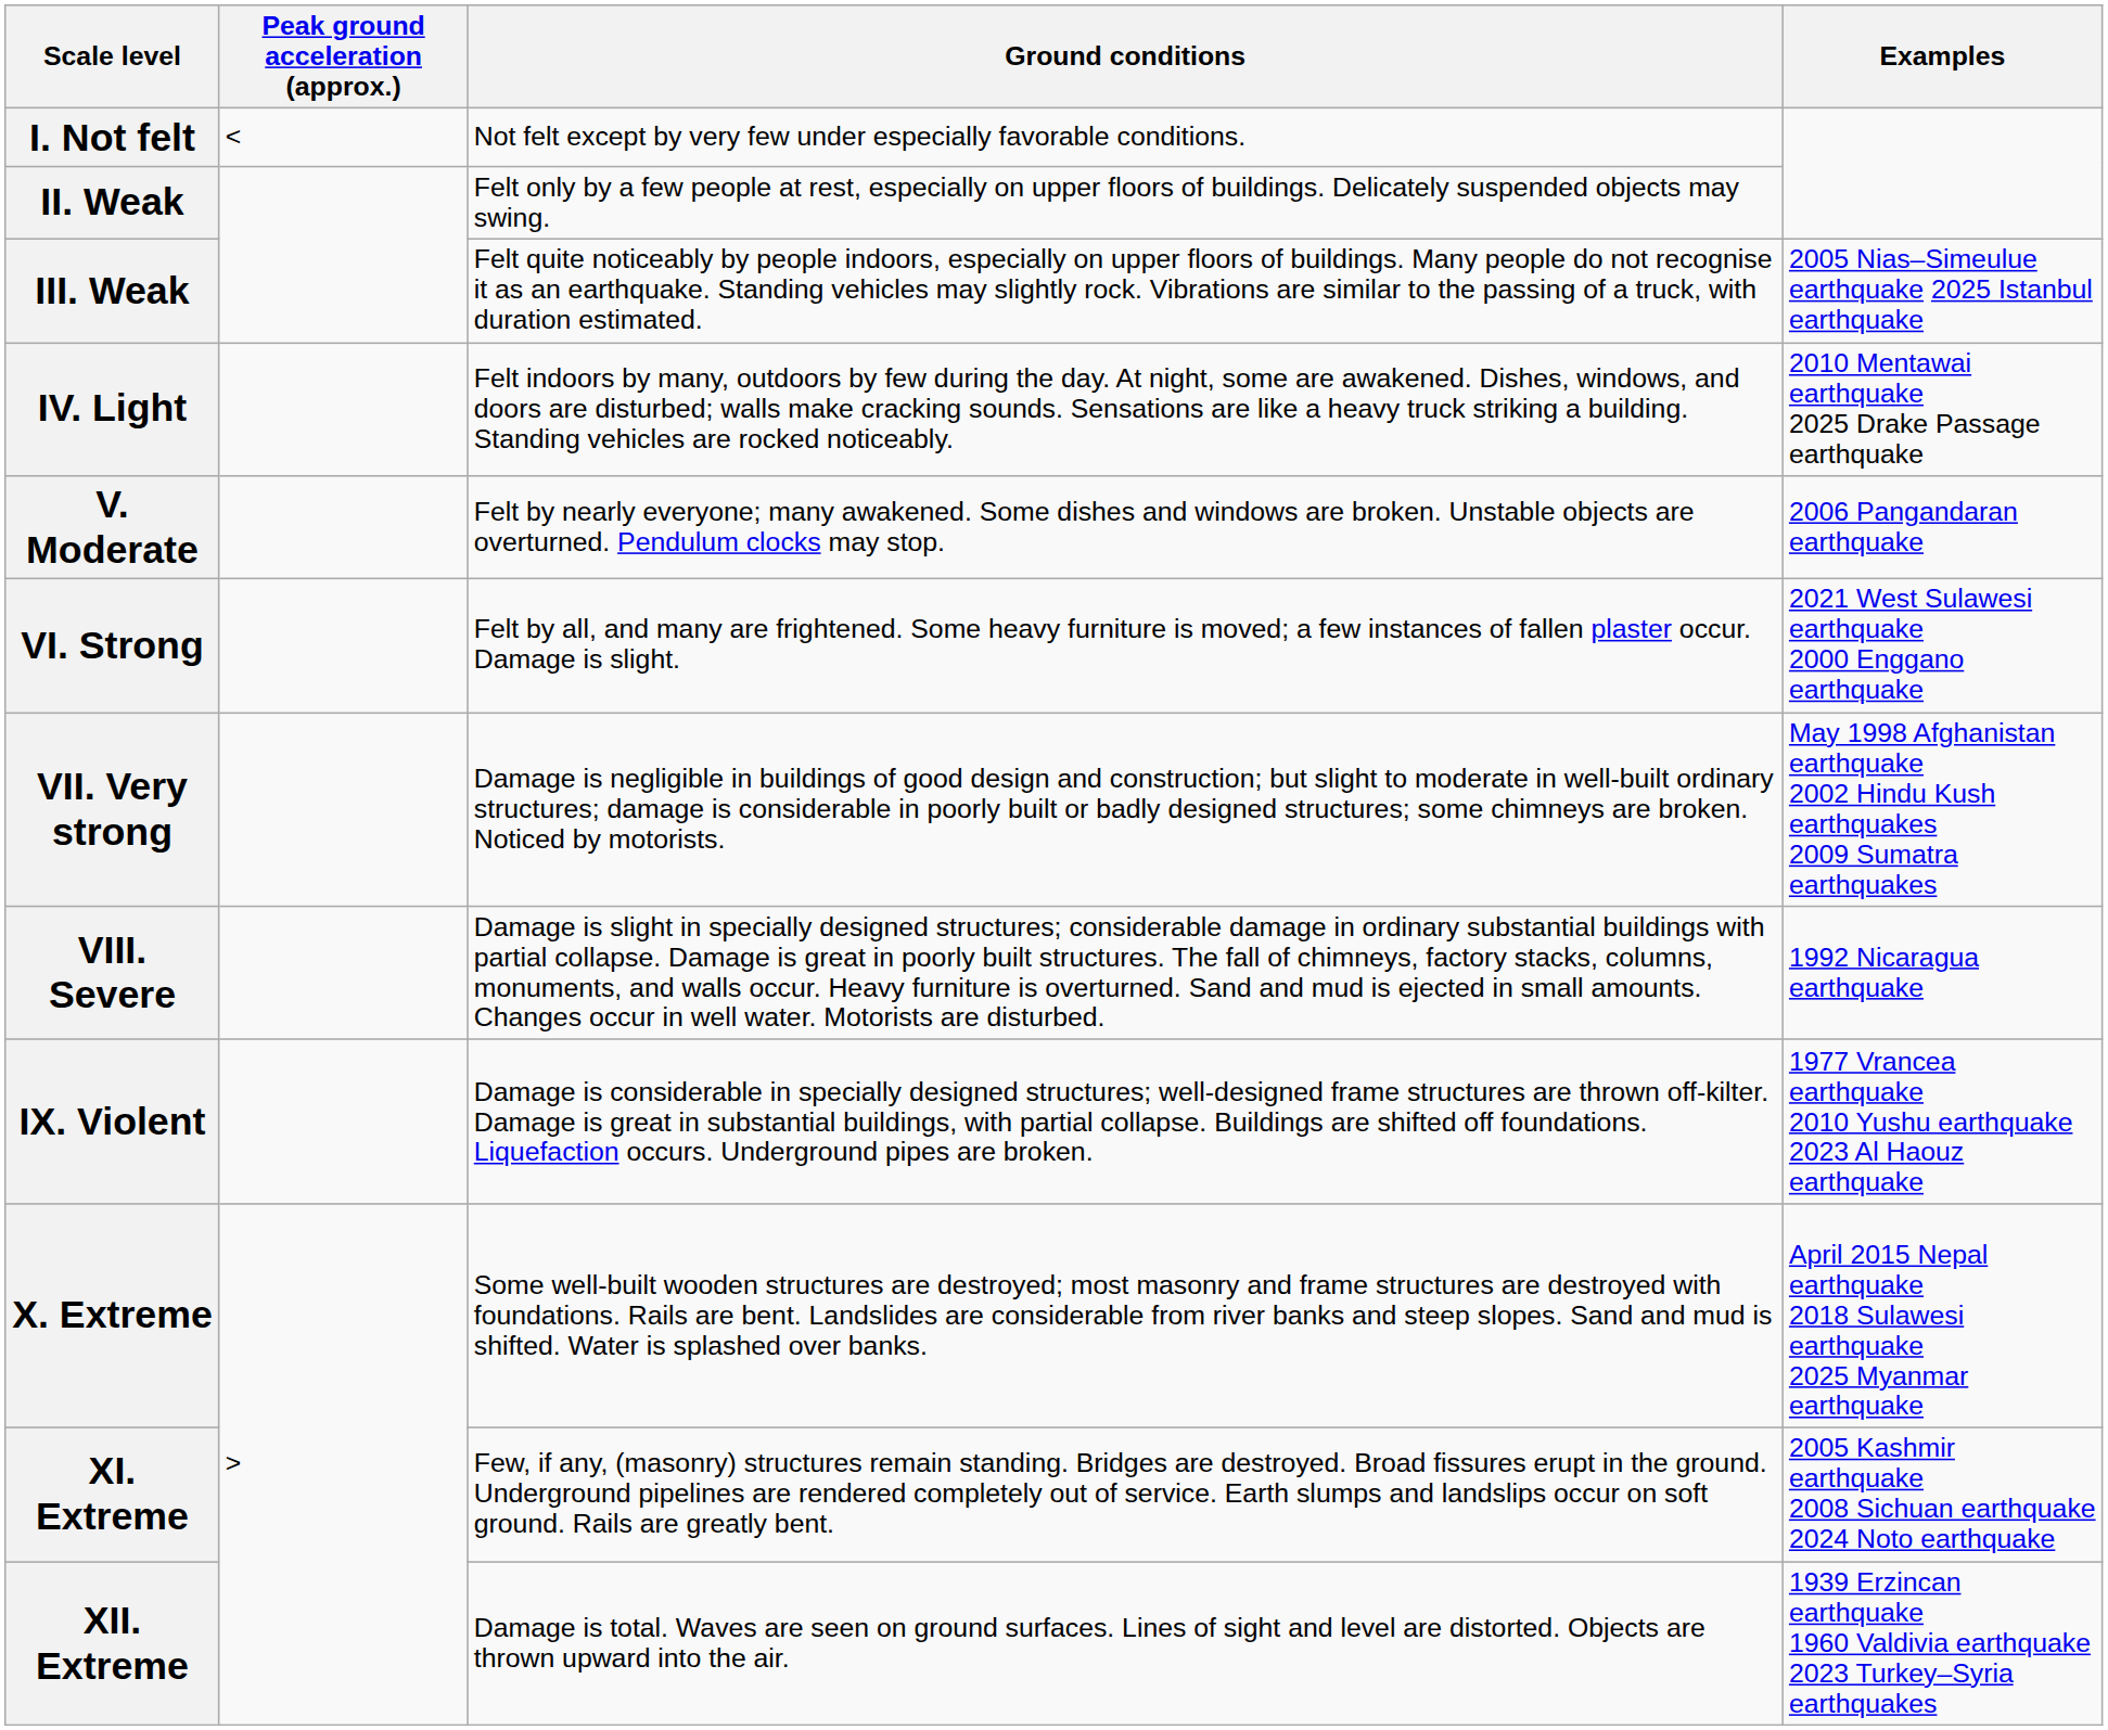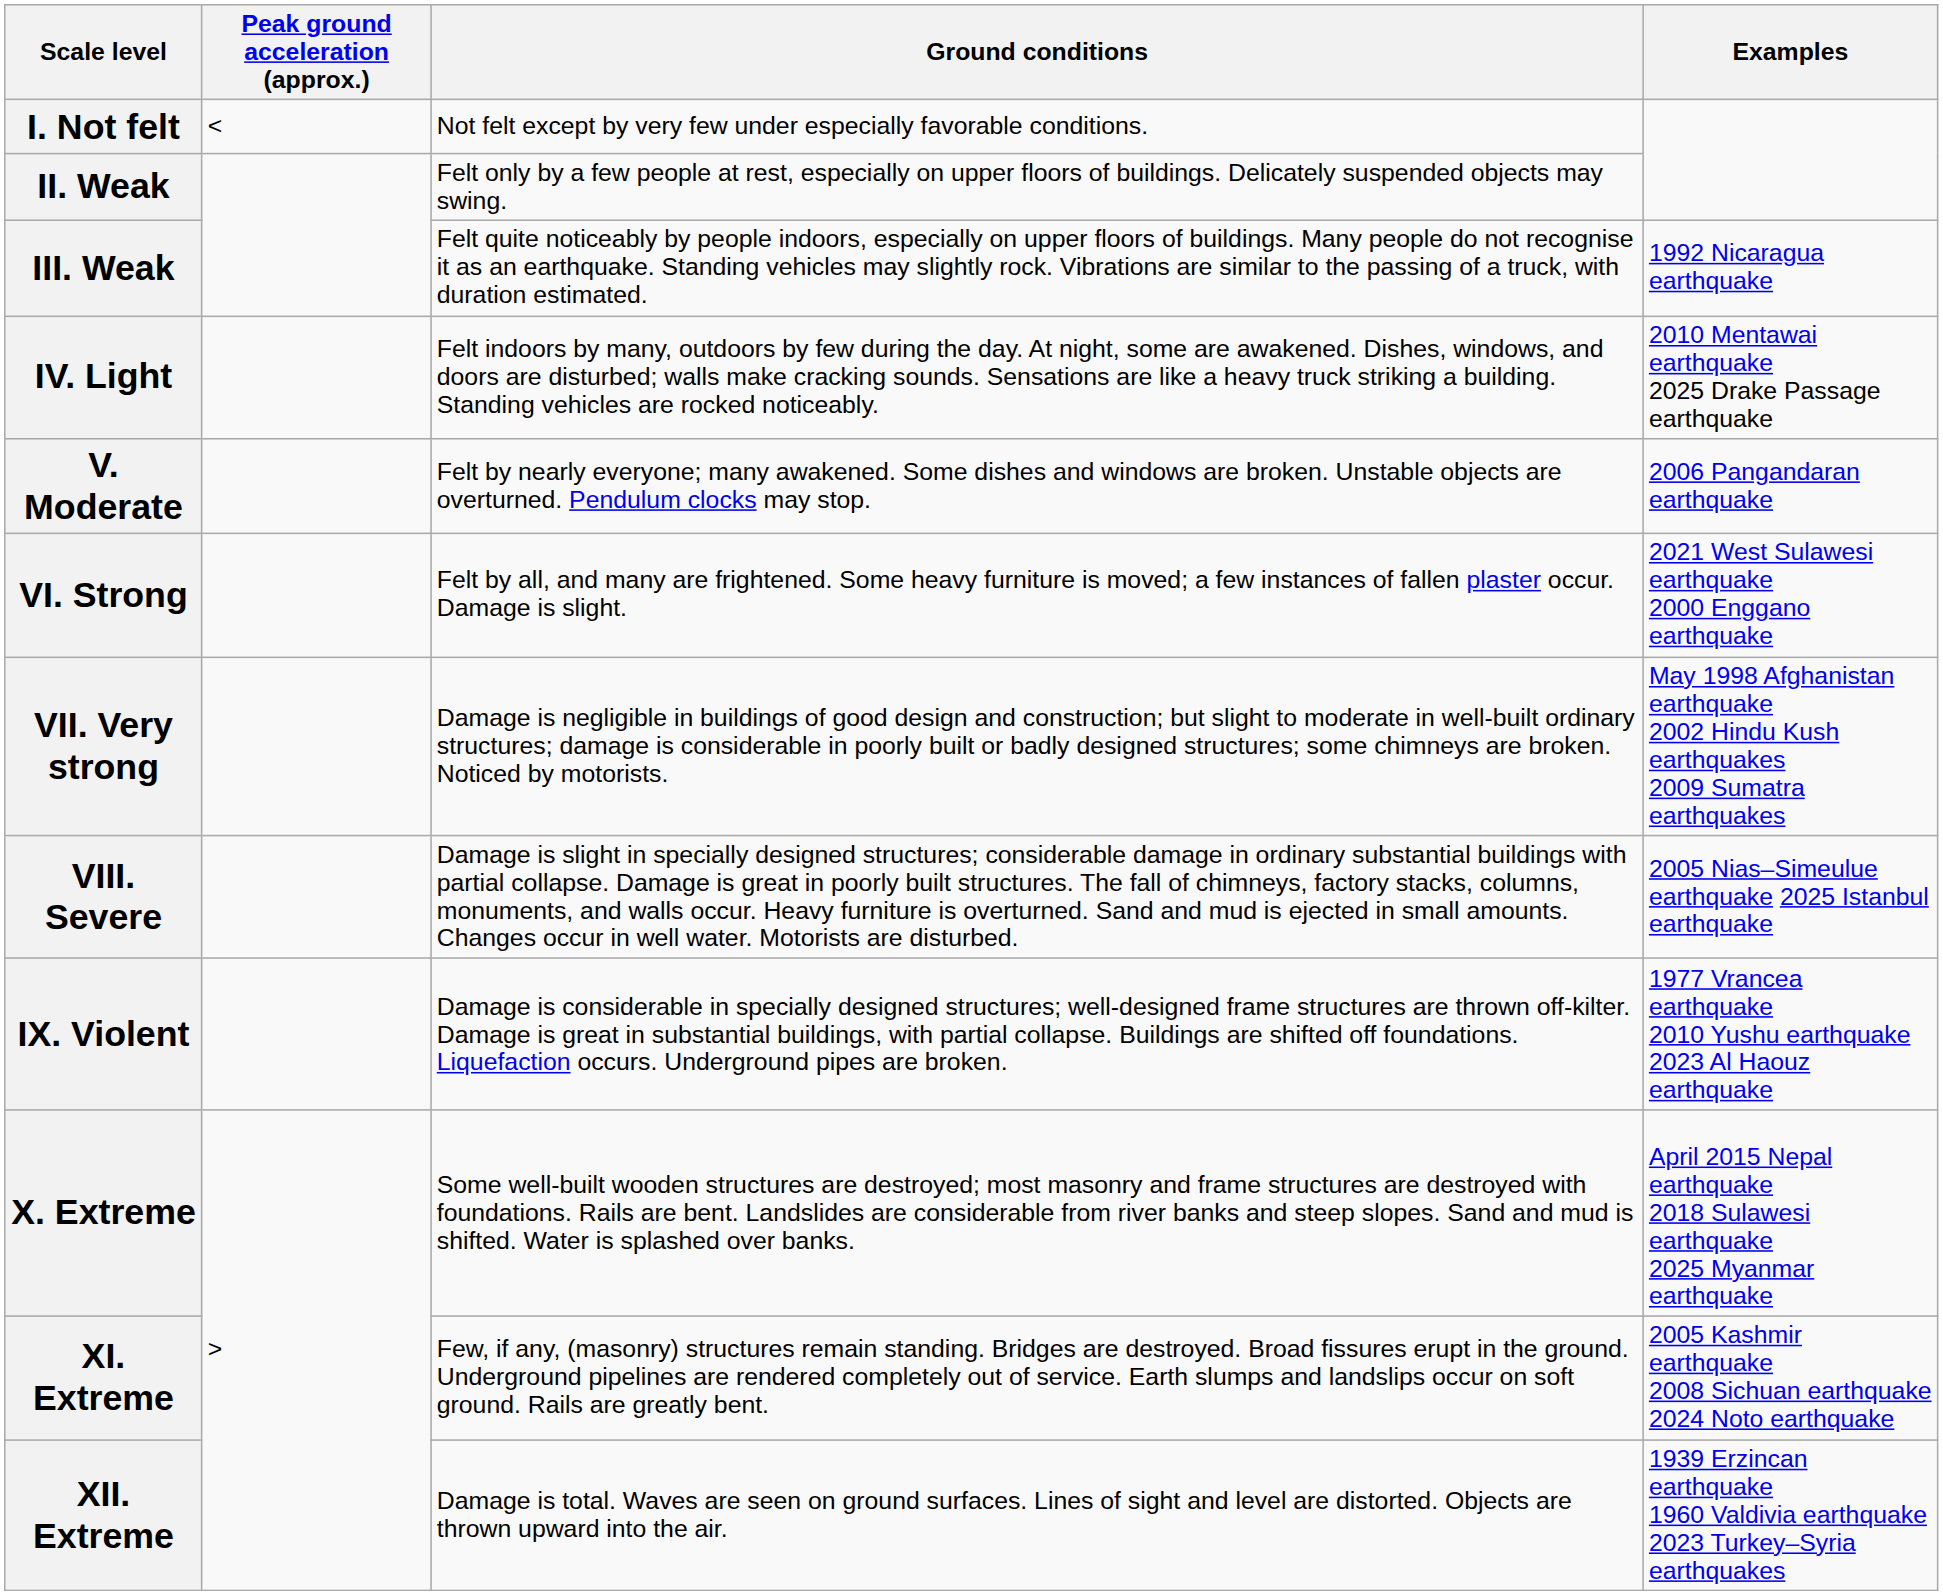 <table class="wikitable">
 <tr>
 <th>Scale level</th>
 <th><a href='#'>Peak ground acceleration</a> (approx.)</th>
 <th>Ground conditions</th>
 <th>Examples</th>
 </tr>
 <tr>
 <th><span><big><big>I. Not felt</big></big></span></th>
 <td><</td>
 <td>Not felt except by very few under especially favorable conditions.</td>
 </tr>
 <tr>
 <th><span><big><big>II. Weak</big></big></span></th>
 <td rowspan="2"></td>
 <td>Felt only by a few people at rest, especially on upper floors of buildings. Delicately suspended objects may swing.</td>
 </tr>
 <tr>
 <th><span><big><big>III. Weak</big></big></span></th>
 <td>Felt quite noticeably by people indoors, especially on upper floors of buildings. Many people do not recognise it as an earthquake. Standing vehicles may slightly rock. Vibrations are similar to the passing of a truck, with duration estimated.</td>
-<td><a href='#'>2005 Nias–Simeulue earthquake</a> <a href='#'>2025 Istanbul earthquake</a></td>
+<td><a href='#'>1992 Nicaragua earthquake</a></td>
 </tr>
 <tr>
 <th><span><big><big>IV. Light</big></big></span></th>
 <td></td>
 <td>Felt indoors by many, outdoors by few during the day. At night, some are awakened. Dishes, windows, and doors are disturbed; walls make cracking sounds. Sensations are like a heavy truck striking a building. Standing vehicles are rocked noticeably.</td>
 <td><a href='#'>2010 Mentawai earthquake</a><br>2025 Drake Passage earthquake</td>
 </tr>
 <tr>
 <th><span><big><big>V. Moderate</big></big></span></th>
 <td></td>
 <td>Felt by nearly everyone; many awakened. Some dishes and windows are broken. Unstable objects are overturned. <a href='#'>Pendulum clocks</a> may stop.</td>
 <td><a href='#'>2006 Pangandaran earthquake</a></td>
 </tr>
 <tr>
 <th><span><big><big>VI. Strong</big></big></span></th>
 <td></td>
 <td>Felt by all, and many are frightened. Some heavy furniture is moved; a few instances of fallen <a href='#'>plaster</a> occur. Damage is slight.</td>
 <td><a href='#'>2021 West Sulawesi earthquake</a><br><a href='#'>2000 Enggano earthquake</a></td>
 </tr>
 <tr>
 <th><span><big><big>VII. Very strong</big></big></span></th>
 <td></td>
 <td>Damage is negligible in buildings of good design and construction; but slight to moderate in well-built ordinary structures; damage is considerable in poorly built or badly designed structures; some chimneys are broken. Noticed by motorists.</td>
 <td><a href='#'>May 1998 Afghanistan earthquake</a><br><a href='#'>2002 Hindu Kush earthquakes</a><br><a href='#'>2009 Sumatra earthquakes</a></td>
 </tr>
 <tr>
 <th><span><big><big>VIII. Severe</big></big></span></th>
 <td></td>
 <td>Damage is slight in specially designed structures; considerable damage in ordinary substantial buildings with partial collapse. Damage is great in poorly built structures. The fall of chimneys, factory stacks, columns, monuments, and walls occur. Heavy furniture is overturned. Sand and mud is ejected in small amounts. Changes occur in well water. Motorists are disturbed.</td>
-<td><a href='#'>1992 Nicaragua earthquake</a></td>
+<td><a href='#'>2005 Nias–Simeulue earthquake</a> <a href='#'>2025 Istanbul earthquake</a></td>
 </tr>
 <tr>
 <th><span><big><big>IX. Violent</big></big></span></th>
 <td></td>
 <td>Damage is considerable in specially designed structures; well-designed frame structures are thrown off-kilter. Damage is great in substantial buildings, with partial collapse. Buildings are shifted off foundations. <a href='#'>Liquefaction</a> occurs. Underground pipes are broken.</td>
 <td><a href='#'>1977 Vrancea earthquake</a> <br><a href='#'>2010 Yushu earthquake</a><br><a href='#'>2023 Al Haouz earthquake</a></td>
 </tr>
 <tr>
 <th><span><big><big>X. Extreme</big></big></span></th>
 <td rowspan=3>></td>
 <td>Some well-built wooden structures are destroyed; most masonry and frame structures are destroyed with foundations. Rails are bent. Landslides are considerable from river banks and steep slopes. Sand and mud is shifted. Water is splashed over banks.</td>
 <td><br><a href='#'>April 2015 Nepal earthquake</a><br><a href='#'>2018 Sulawesi earthquake</a><br><a href='#'>2025 Myanmar earthquake</a></td>
 </tr>
 <tr>
 <th><span><big><big>XI. Extreme</big></big></span></th>
 <td>Few, if any, (masonry) structures remain standing. Bridges are destroyed. Broad fissures erupt in the ground. Underground pipelines are rendered completely out of service. Earth slumps and landslips occur on soft ground. Rails are greatly bent.</td>
 <td><a href='#'>2005 Kashmir earthquake</a><br><a href='#'>2008 Sichuan earthquake</a><br><a href='#'>2024 Noto earthquake</a></td>
 </tr>
 <tr>
 <th><span><big><big>XII. Extreme</big></big></span></th>
 <td>Damage is total. Waves are seen on ground surfaces. Lines of sight and level are distorted. Objects are thrown upward into the air.</td>
 <td><a href='#'>1939 Erzincan earthquake</a><br><a href='#'>1960 Valdivia earthquake</a><br><a href='#'>2023 Turkey–Syria earthquakes</a></td>
 </tr>
 </table>
